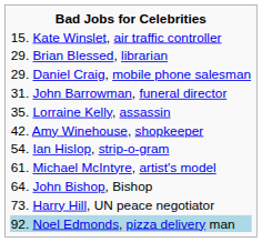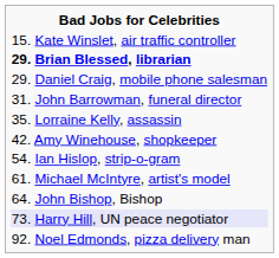 <table class="infobox" style="font-size:88%;">
 <tr>
 <th>Bad Jobs for Celebrities</th>
 </tr>
 <tr>
 <td>15. <a href='#'>Kate Winslet</a>, <a href='#'>air traffic controller</a></td>
 </tr>
 <tr>
-<td>29. <a href='#'>Brian Blessed</a>, <a href='#'>librarian</a></td>
+<td><strong>29. <a href='#'>Brian Blessed</a>, <a href='#'>librarian</a></strong></td>
 </tr>
 <tr>
 <td>29. <a href='#'>Daniel Craig</a>, <a href='#'>mobile phone salesman</a></td>
 </tr>
 <tr>
 <td>31. <a href='#'>John Barrowman</a>, <a href='#'>funeral director</a></td>
 </tr>
 <tr>
 <td>35. <a href='#'>Lorraine Kelly</a>, <a href='#'>assassin</a></td>
 </tr>
 <tr>
 <td>42. <a href='#'>Amy Winehouse</a>, <a href='#'>shopkeeper</a></td>
 </tr>
 <tr>
 <td>54. <a href='#'>Ian Hislop</a>, <a href='#'>strip-o-gram</a></td>
 </tr>
 <tr>
 <td>61. <a href='#'>Michael McIntyre</a>, <a href='#'>artist's model</a></td>
 </tr>
 <tr>
 <td>64. <a href='#'>John Bishop</a>, Bishop</td>
 </tr>
 <tr>
-<td>73. <a href='#'>Harry Hill</a>, UN peace negotiator</td>
+<td style="background: lavender;">73. <a href='#'>Harry Hill</a>, UN peace negotiator</td>
 </tr>
 <tr>
-<td style="background: lightblue;">92. <a href='#'>Noel Edmonds</a>, <a href='#'>pizza delivery</a> man</td>
+<td>92. <a href='#'>Noel Edmonds</a>, <a href='#'>pizza delivery</a> man</td>
 </tr>
 </table>
